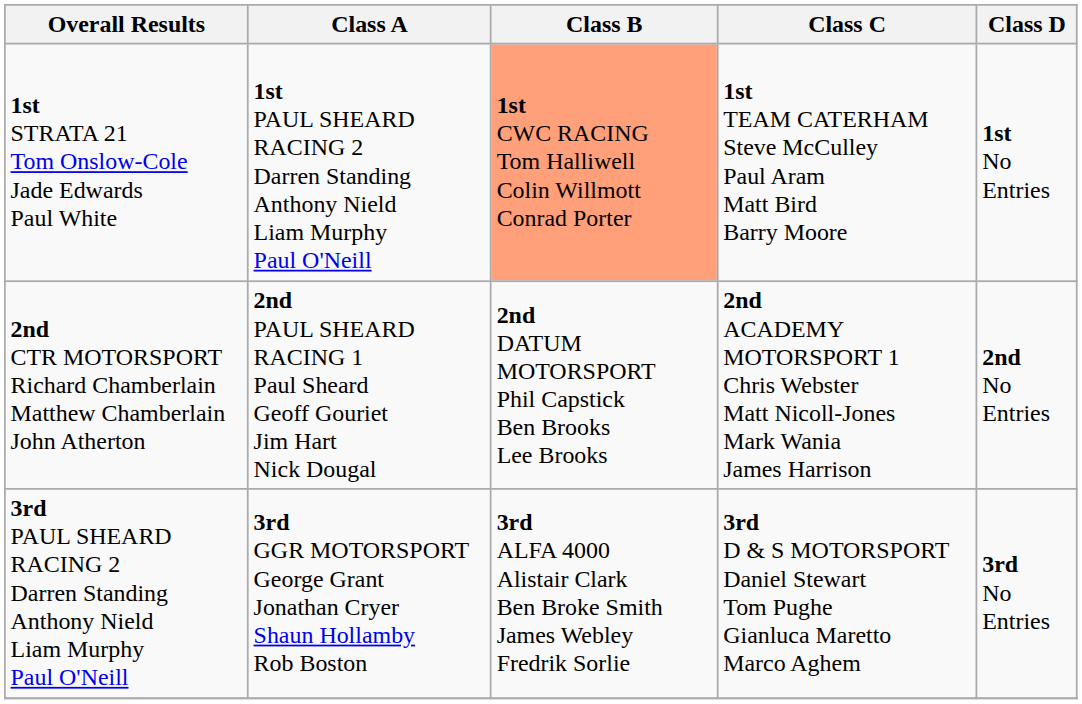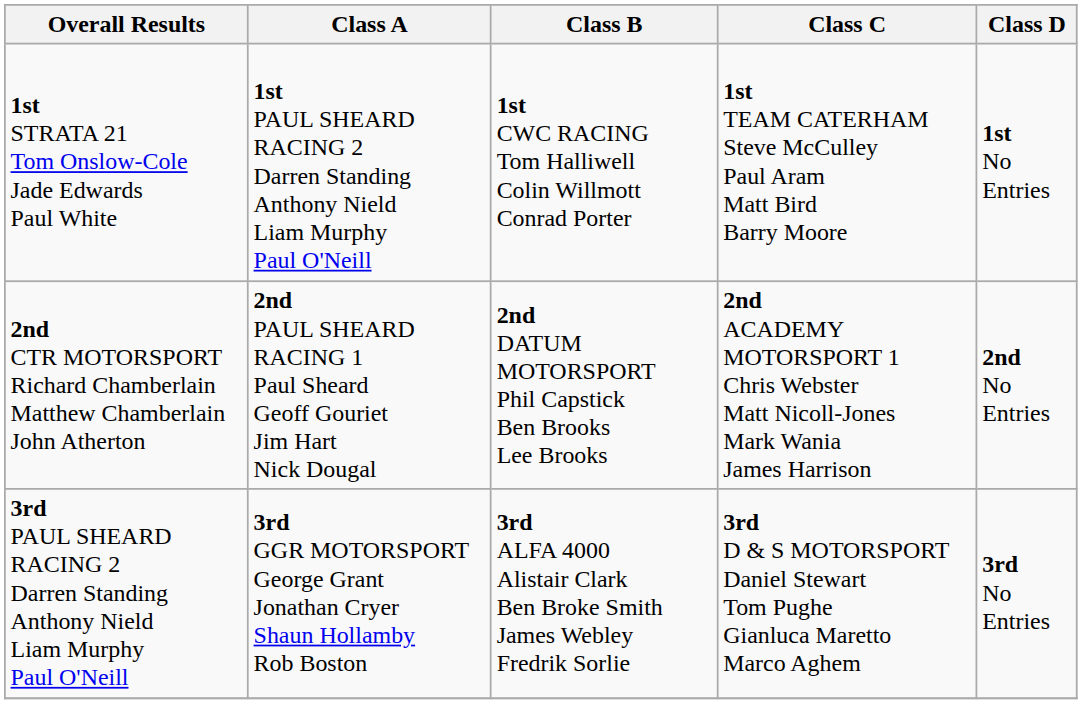 <table class="wikitable" style="font-size: 85%;">
 <tr>
 <th>Overall Results</th>
 <th>Class A</th>
 <th>Class B</th>
 <th>Class C</th>
 <th>Class D</th>
 </tr>
 <tr>
 <td><strong>1st</strong><br> STRATA 21<br> <a href='#'>Tom Onslow-Cole</a> <br>Jade Edwards <br> Paul White</td>
 <td><br><strong>1st</strong><br> PAUL SHEARD RACING 2<br> Darren Standing<br> Anthony Nield<br> Liam Murphy<br> <a href='#'>Paul O'Neill</a><br></td>
-<td style="background: lightsalmon;"><strong>1st</strong><br> CWC RACING<br> Tom Halliwell<br> Colin Willmott<br> Conrad Porter<br></td>
+<td><strong>1st</strong><br> CWC RACING<br> Tom Halliwell<br> Colin Willmott<br> Conrad Porter<br></td>
 <td><strong>1st</strong><br> TEAM CATERHAM<br> Steve McCulley<br> Paul Aram<br> Matt Bird<br> Barry Moore<br></td>
 <td><strong>1st</strong><br> No Entries</td>
 </tr>
 <tr>
 <td><strong>2nd</strong><br> CTR MOTORSPORT<br>Richard Chamberlain<br> Matthew Chamberlain<br> John Atherton<br></td>
 <td><strong>2nd</strong><br> PAUL SHEARD RACING 1<br> Paul Sheard<br> Geoff Gouriet<br> Jim Hart<br> Nick Dougal<br></td>
 <td><strong>2nd</strong><br> DATUM MOTORSPORT<br> Phil Capstick<br> Ben Brooks<br> Lee Brooks<br></td>
 <td><strong>2nd</strong><br> ACADEMY MOTORSPORT 1<br> Chris Webster<br> Matt Nicoll-Jones<br> Mark Wania<br> James Harrison<br></td>
 <td><strong>2nd</strong><br> No Entries</td>
 </tr>
 <tr>
 <td><strong>3rd</strong><br> PAUL SHEARD RACING 2 <br> Darren Standing<br> Anthony Nield<br> Liam Murphy<br> <a href='#'>Paul O'Neill</a><br></td>
 <td><strong>3rd</strong><br> GGR MOTORSPORT<br> George Grant<br> Jonathan Cryer<br> <a href='#'>Shaun Hollamby</a><br> Rob Boston<br></td>
 <td><strong>3rd</strong><br> ALFA 4000 <br>Alistair Clark<br> Ben Broke Smith<br> James Webley<br> Fredrik Sorlie<br></td>
 <td><strong>3rd</strong><br> D & S MOTORSPORT <br> Daniel Stewart<br> Tom Pughe<br> Gianluca Maretto<br> Marco Aghem<br></td>
 <td><strong>3rd</strong><br> No Entries</td>
 </tr>
 <tr>
 </tr>
 </table>
